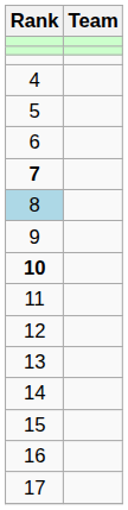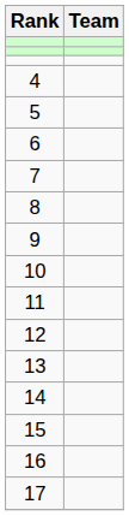 <table class="wikitable" style="text-align:center">
 <tr>
 <th width=40>Rank</th>
 <th>Team</th>
 </tr>
 <tr bgcolor=#ccffcc>
 <td></td>
 <td style="text-align:left"></td>
 </tr>
 <tr bgcolor=#ccffcc>
 <td></td>
 <td style="text-align:left"></td>
 </tr>
 <tr>
 <td></td>
 <td style="text-align:left"></td>
 </tr>
 <tr>
 <td>4</td>
 <td style="text-align:left"></td>
 </tr>
 <tr>
 <td>5</td>
 <td style="text-align:left"></td>
 </tr>
 <tr>
 <td>6</td>
 <td style="text-align:left"></td>
 </tr>
 <tr>
-<td><strong>7</strong></td>
+<td>7</td>
 <td style="text-align:left"></td>
 </tr>
 <tr>
-<td style="background: lightblue;">8</td>
+<td>8</td>
 <td style="text-align:left"></td>
 </tr>
 <tr>
 <td>9</td>
 <td style="text-align:left"></td>
 </tr>
 <tr>
-<td><strong>10</strong></td>
+<td>10</td>
 <td style="text-align:left"></td>
 </tr>
 <tr>
 <td>11</td>
 <td style="text-align:left"></td>
 </tr>
 <tr>
 <td>12</td>
 <td style="text-align:left"></td>
 </tr>
 <tr>
 <td>13</td>
 <td style="text-align:left"></td>
 </tr>
 <tr>
 <td>14</td>
 <td style="text-align:left"></td>
 </tr>
 <tr>
 <td>15</td>
 <td style="text-align:left"></td>
 </tr>
 <tr>
 <td>16</td>
 <td style="text-align:left"></td>
 </tr>
 <tr>
 <td>17</td>
 <td style="text-align:left"></td>
 </tr>
 <tr>
 </tr>
 </table>
